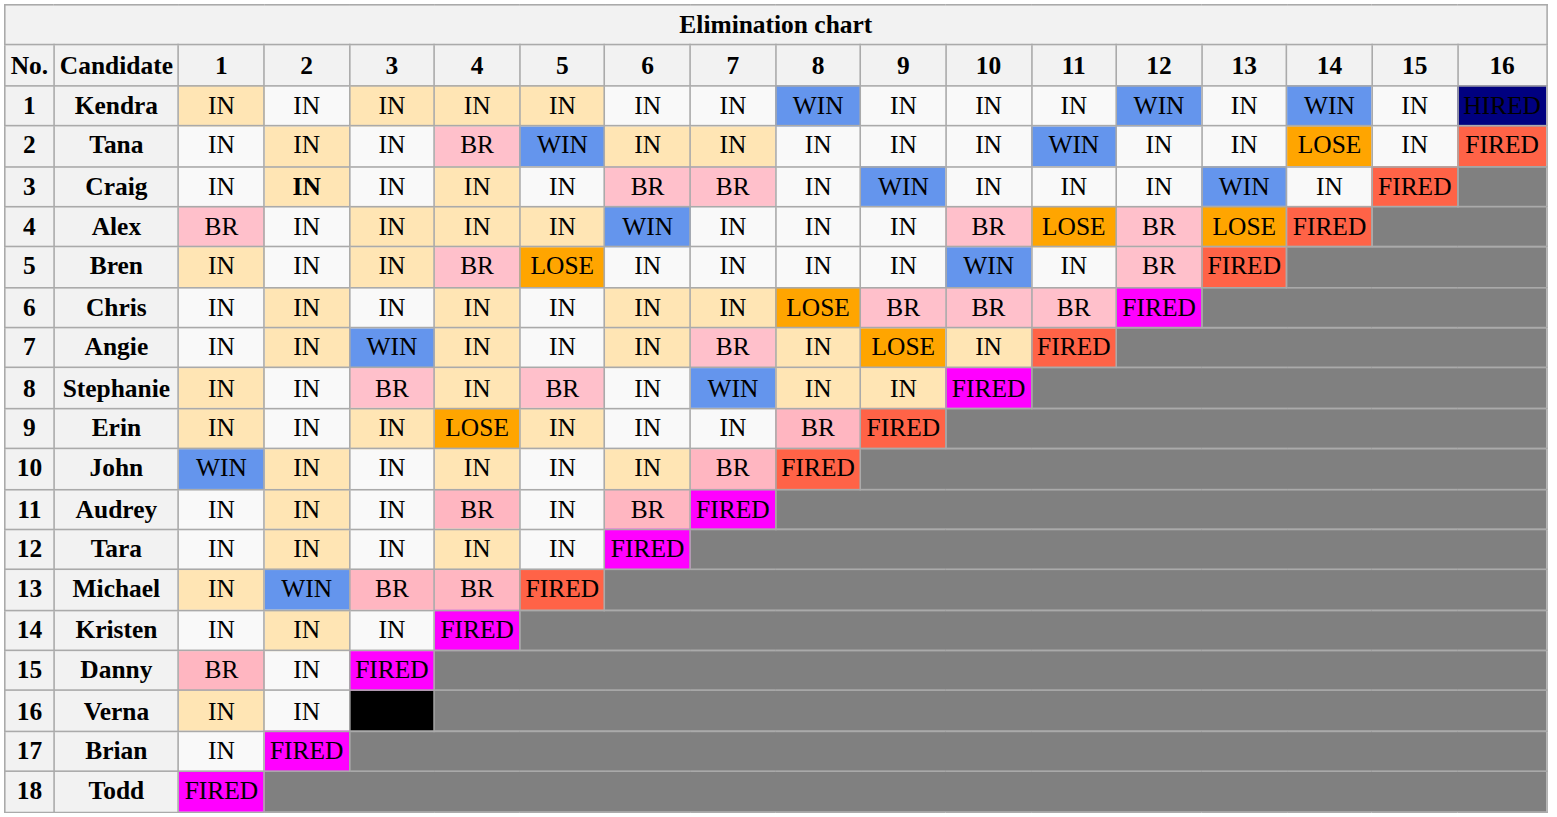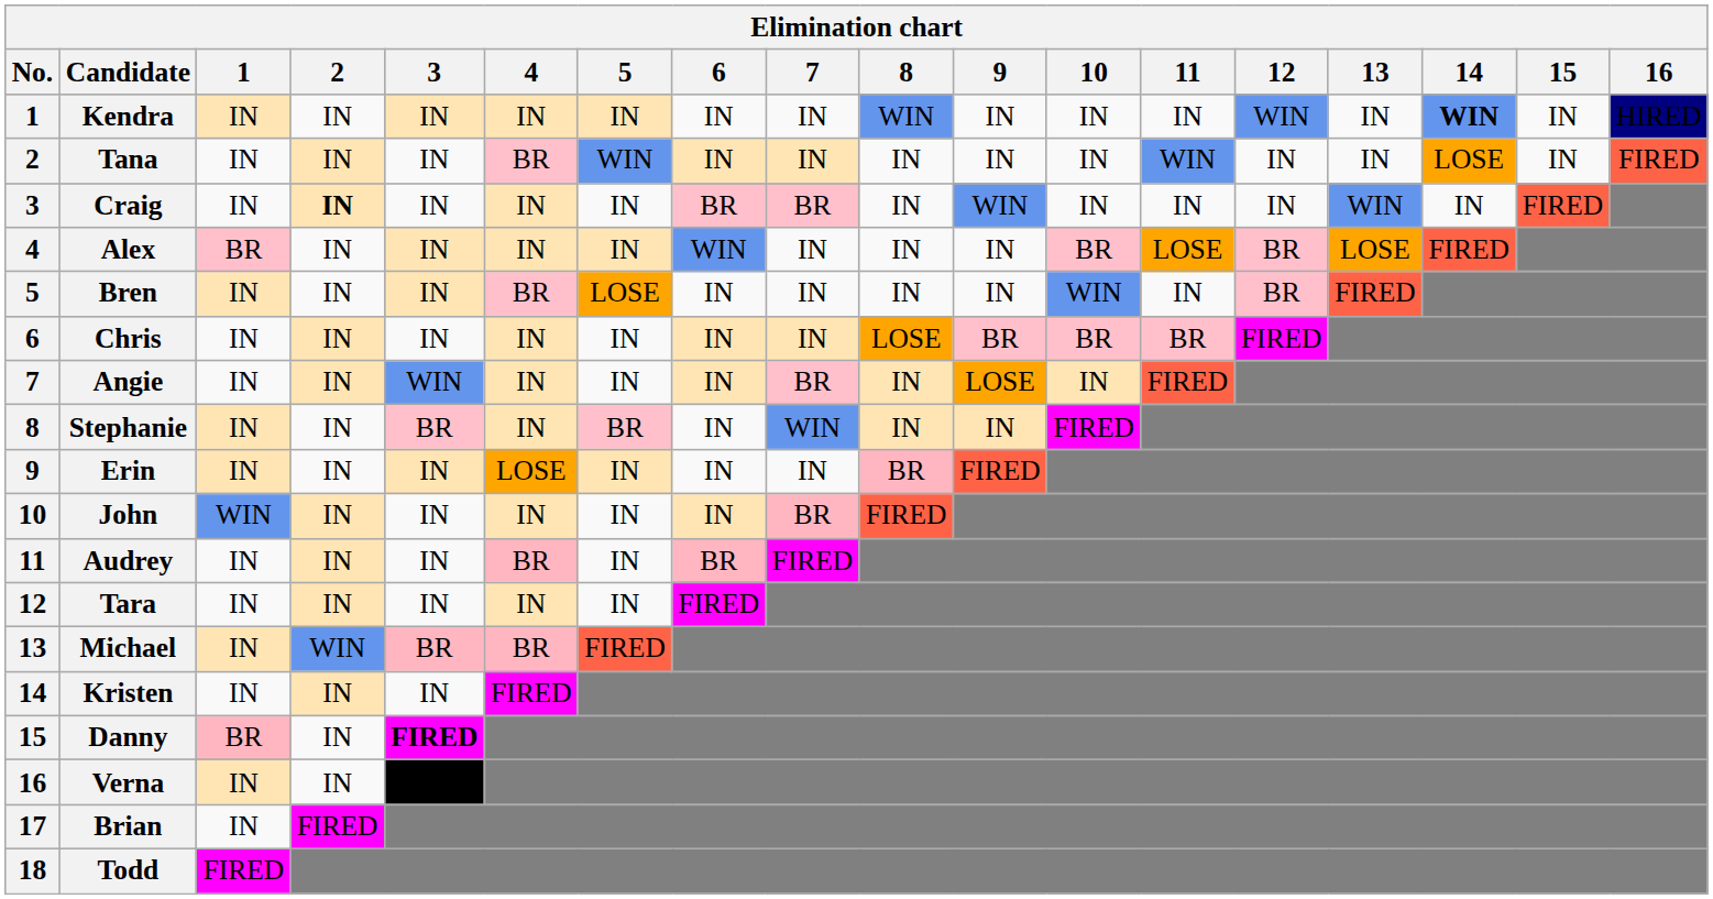 <table class="wikitable" style="text-align:center;">
 <tr>
 <th colspan="18">Elimination chart</th>
 </tr>
 <tr>
 <th>No.</th>
 <th>Candidate</th>
 <th>1</th>
 <th>2</th>
 <th>3</th>
 <th>4</th>
 <th>5</th>
 <th>6</th>
 <th>7</th>
 <th>8</th>
 <th>9</th>
 <th>10</th>
 <th>11</th>
 <th>12</th>
 <th>13</th>
 <th>14</th>
 <th>15</th>
 <th>16</th>
 </tr>
 <tr>
 <th>1</th>
 <th>Kendra</th>
 <td style="background:#ffe5b4;">IN</td>
 <td>IN</td>
 <td style="background:#ffe5b4;">IN</td>
 <td style="background:#ffe5b4;">IN</td>
 <td style="background:#ffe5b4;">IN</td>
 <td>IN</td>
 <td>IN</td>
 <td style="background:cornflowerblue;">WIN</td>
 <td>IN</td>
 <td>IN</td>
 <td>IN</td>
 <td style="background:cornflowerblue;">WIN</td>
 <td>IN</td>
-<td style="background:cornflowerblue;">WIN</td>
+<td style="background:cornflowerblue;"><strong>WIN</strong></td>
 <td>IN</td>
 <td style="background:navy;"><span> HIRED </span></td>
 </tr>
 <tr>
 <th>2</th>
 <th>Tana</th>
 <td>IN</td>
 <td style="background:#ffe5b4;">IN</td>
 <td>IN</td>
 <td style="background:pink;">BR</td>
 <td style="background:cornflowerblue;">WIN</td>
 <td style="background:#ffe5b4;">IN</td>
 <td style="background:#ffe5b4;">IN</td>
 <td>IN</td>
 <td>IN</td>
 <td>IN</td>
 <td style="background:cornflowerblue;">WIN</td>
 <td>IN</td>
 <td>IN</td>
 <td style="background:orange;">LOSE</td>
 <td>IN</td>
 <td style="background:tomato;">FIRED</td>
 </tr>
 <tr>
 <th>3</th>
 <th>Craig</th>
 <td>IN</td>
 <td style="background:#ffe5b4;"><strong>IN</strong></td>
 <td>IN</td>
 <td style="background:#ffe5b4;">IN</td>
 <td>IN</td>
 <td style="background:pink;">BR</td>
 <td style="background:pink;">BR</td>
 <td>IN</td>
 <td style="background:cornflowerblue;">WIN</td>
 <td>IN</td>
 <td>IN</td>
 <td>IN</td>
 <td style="background:cornflowerblue;">WIN</td>
 <td>IN</td>
 <td style="background:tomato;">FIRED</td>
 <td style="background:gray;"></td>
 </tr>
 <tr>
 <th>4</th>
 <th>Alex</th>
 <td style="background:pink;">BR</td>
 <td>IN</td>
 <td style="background:#ffe5b4;">IN</td>
 <td style="background:#ffe5b4;">IN</td>
 <td style="background:#ffe5b4;">IN</td>
 <td style="background:cornflowerblue;">WIN</td>
 <td>IN</td>
 <td>IN</td>
 <td>IN</td>
 <td style="background:pink;">BR</td>
 <td style="background:orange;">LOSE</td>
 <td style="background:pink;">BR</td>
 <td style="background:orange;">LOSE</td>
 <td style="background:tomato;">FIRED</td>
 <td colspan="2" style="background:gray;"></td>
 </tr>
 <tr>
 <th>5</th>
 <th>Bren</th>
 <td style="background:#ffe5b4;">IN</td>
 <td>IN</td>
 <td style="background:#ffe5b4;">IN</td>
 <td style="background:pink;">BR</td>
 <td style="background:orange;">LOSE</td>
 <td>IN</td>
 <td>IN</td>
 <td>IN</td>
 <td>IN</td>
 <td style="background:cornflowerblue;">WIN</td>
 <td>IN</td>
 <td style="background:pink;">BR</td>
 <td style="background:tomato;">FIRED</td>
 <td colspan="3" style="background:gray;"></td>
 </tr>
 <tr>
 <th>6</th>
 <th>Chris</th>
 <td>IN</td>
 <td style="background:#ffe5b4;">IN</td>
 <td>IN</td>
 <td style="background:#ffe5b4;">IN</td>
 <td>IN</td>
 <td style="background:#ffe5b4;">IN</td>
 <td style="background:#ffe5b4;">IN</td>
 <td style="background:orange;">LOSE</td>
 <td style="background:pink;">BR</td>
 <td style="background:pink;">BR</td>
 <td style="background:pink;">BR</td>
 <td style="background:magenta;">FIRED</td>
 <td colspan="4" style="background:gray;"></td>
 </tr>
 <tr>
 <th>7</th>
 <th>Angie</th>
 <td>IN</td>
 <td style="background:#ffe5b4;">IN</td>
 <td style="background:cornflowerblue;">WIN</td>
 <td style="background:#ffe5b4;">IN</td>
 <td>IN</td>
 <td style="background:#ffe5b4;">IN</td>
 <td style="background:pink;">BR</td>
 <td style="background:#ffe5b4;">IN</td>
 <td style="background:orange;">LOSE</td>
 <td style="background:#ffe5b4;">IN</td>
 <td style="background:tomato;">FIRED</td>
 <td colspan="5" style="background:gray;"></td>
 </tr>
 <tr>
 <th>8</th>
 <th>Stephanie</th>
 <td style="background:#ffe5b4;">IN</td>
 <td>IN</td>
 <td style="background:pink;">BR</td>
 <td style="background:#ffe5b4;">IN</td>
 <td style="background:pink;">BR</td>
 <td>IN</td>
 <td style="background:cornflowerblue;">WIN</td>
 <td style="background:#ffe5b4;">IN</td>
 <td style="background:#ffe5b4;">IN</td>
 <td style="background:magenta;">FIRED</td>
 <td colspan="6" style="background:gray;"></td>
 </tr>
 <tr>
 <th>9</th>
 <th>Erin</th>
 <td style="background:#ffe5b4;">IN</td>
 <td>IN</td>
 <td style="background:#ffe5b4;">IN</td>
 <td style="background:orange;">LOSE</td>
 <td style="background:#ffe5b4;">IN</td>
 <td>IN</td>
 <td>IN</td>
 <td style="background:lightpink;">BR</td>
 <td style="background:tomato;">FIRED</td>
 <td colspan="7" style="background:gray;"></td>
 </tr>
 <tr>
 <th>10</th>
 <th>John</th>
 <td style="background:cornflowerblue;">WIN</td>
 <td style="background:#ffe5b4;">IN</td>
 <td>IN</td>
 <td style="background:#ffe5b4;">IN</td>
 <td>IN</td>
 <td style="background:#ffe5b4;">IN</td>
 <td style="background:lightpink;">BR</td>
 <td style="background:tomato;">FIRED</td>
 <td colspan="8" style="background:gray;"></td>
 </tr>
 <tr>
 <th>11</th>
 <th>Audrey</th>
 <td>IN</td>
 <td style="background:#ffe5b4;">IN</td>
 <td>IN</td>
 <td style="background:lightpink;">BR</td>
 <td>IN</td>
 <td style="background:lightpink;">BR</td>
 <td style="background:magenta;">FIRED</td>
 <td colspan="9" style="background:gray;"></td>
 </tr>
 <tr>
 <th>12</th>
 <th>Tara</th>
 <td>IN</td>
 <td style="background:#ffe5b4;">IN</td>
 <td>IN</td>
 <td style="background:#ffe5b4;">IN</td>
 <td>IN</td>
 <td style="background:magenta;">FIRED</td>
 <td colspan="10" style="background:gray;"></td>
 </tr>
 <tr>
 <th>13</th>
 <th>Michael</th>
 <td style="background:#ffe5b4;">IN</td>
 <td style="background:cornflowerblue;">WIN</td>
 <td style="background:lightpink;">BR</td>
 <td style="background:lightpink;">BR</td>
 <td style="background:tomato;">FIRED</td>
 <td colspan="11" style="background:gray;"></td>
 </tr>
 <tr>
 <th>14</th>
 <th>Kristen</th>
 <td>IN</td>
 <td style="background:#ffe5b4;">IN</td>
 <td>IN</td>
 <td style="background:magenta;">FIRED</td>
 <td colspan="12" style="background:gray;"></td>
 </tr>
 <tr>
 <th>15</th>
 <th>Danny</th>
 <td style="background:lightpink;">BR</td>
 <td>IN</td>
-<td style="background:magenta;">FIRED</td>
+<td style="background:magenta;"><strong>FIRED</strong></td>
 <td colspan="13" style="background:gray;"></td>
 </tr>
 <tr>
 <th>16</th>
 <th>Verna</th>
 <td style="background:#ffe5b4;">IN</td>
 <td>IN</td>
 <td style="background:black;"><span>QUIT</span></td>
 <td colspan="13" style="background:gray;"></td>
 </tr>
 <tr>
 <th>17</th>
 <th>Brian</th>
 <td>IN</td>
 <td style="background:magenta;">FIRED</td>
 <td colspan="14" style="background:gray;"></td>
 </tr>
 <tr>
 <th>18</th>
 <th>Todd</th>
 <td style="background:magenta;">FIRED</td>
 <td colspan="15" style="background:gray;"></td>
 </tr>
 </table>
